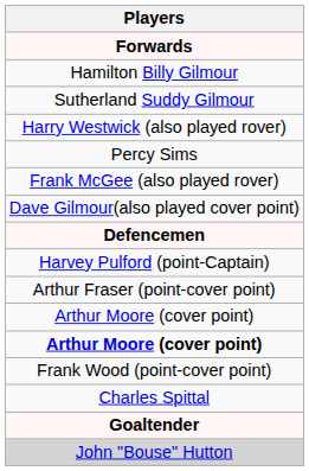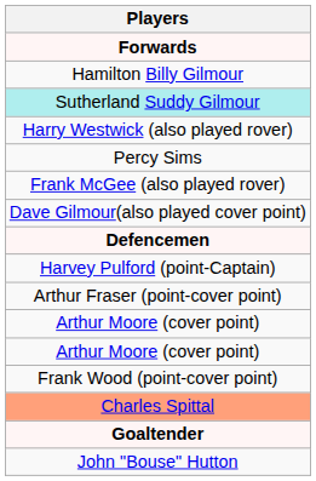 <table class="wikitable" style="text-align:center;">
 <tr>
 <th>Players</th>
 </tr>
 <tr style="font-weight:bold; background-color:#FFF5F5;">
 <td colspan="1" align="center"><strong>Forwards</strong></td>
 </tr>
 <tr>
 <td>Hamilton <a href='#'>Billy Gilmour</a></td>
 </tr>
 <tr>
-<td>Sutherland <a href='#'>Suddy Gilmour</a></td>
+<td style="background: paleturquoise;">Sutherland <a href='#'>Suddy Gilmour</a></td>
 </tr>
 <tr>
 <td><a href='#'>Harry Westwick</a> (also played rover)</td>
 </tr>
 <tr>
 <td>Percy Sims</td>
 </tr>
 <tr>
 <td><a href='#'>Frank McGee</a> (also played rover)</td>
 </tr>
 <tr>
 <td><a href='#'>Dave Gilmour</a>(also played cover point)</td>
 </tr>
 <tr style="font-weight:bold; background-color:#FFF5F5;">
 <td colspan="1" align="center"><strong>Defencemen</strong></td>
 </tr>
 <tr>
 <td><a href='#'>Harvey Pulford</a> (point-Captain)</td>
 </tr>
 <tr>
 <td>Arthur Fraser (point-cover point)</td>
 </tr>
 <tr>
 <td><a href='#'>Arthur Moore</a> (cover point)</td>
 </tr>
 <tr>
-<td><strong><a href='#'>Arthur Moore</a> (cover point)</strong></td>
+<td><a href='#'>Arthur Moore</a> (cover point)</td>
 </tr>
 <tr>
 <td>Frank Wood (point-cover point)</td>
 </tr>
 <tr>
-<td><a href='#'>Charles Spittal</a></td>
+<td style="background: lightsalmon;"><a href='#'>Charles Spittal</a></td>
 </tr>
 <tr style="font-weight:bold; background-color:#FFF5F5;">
 <td colspan="1" align="center"><strong>Goaltender</strong></td>
 </tr>
 <tr>
-<td style="background: lightgrey;"><a href='#'>John "Bouse" Hutton</a></td>
+<td><a href='#'>John "Bouse" Hutton</a></td>
 </tr>
 </table>
